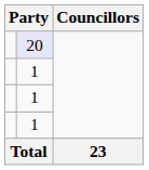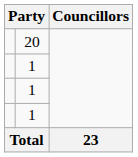 <table class="wikitable">
 <tr>
 <th colspan=2>Party</th>
 <th>Councillors</th>
 </tr>
 <tr>
 <td></td>
-<td align=center style="background: lavender;">20</td>
+<td align=center>20</td>
 </tr>
 <tr>
 <td></td>
 <td align=center>1</td>
 </tr>
 <tr>
 <td></td>
 <td align=center>1</td>
 </tr>
 <tr>
 <td></td>
 <td align=center>1</td>
 </tr>
 <tr>
 <th colspan=2>Total</th>
 <th align=center>23</th>
 </tr>
 </table>
